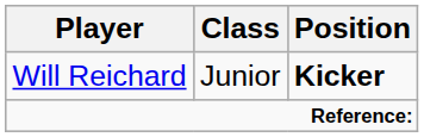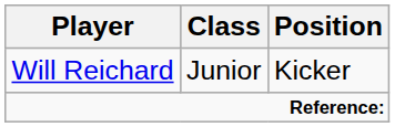 <table class="wikitable">
 <tr>
 <th>Player</th>
 <th>Class</th>
 <th>Position</th>
 </tr>
 <tr>
 <td><a href='#'>Will Reichard</a></td>
 <td>Junior</td>
-<td><strong>Kicker</strong></td>
+<td>Kicker</td>
 </tr>
 <tr>
 <td colspan="3"  style="font-size:8pt; text-align:right;"><strong>Reference:</strong></td>
 </tr>
 </table>
